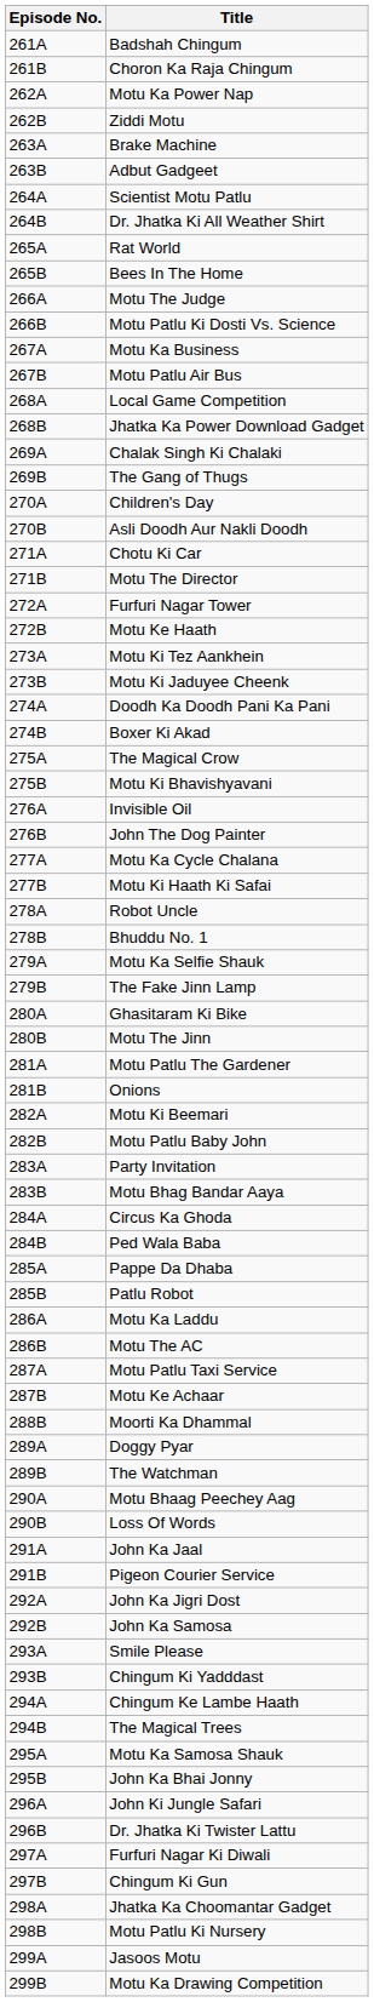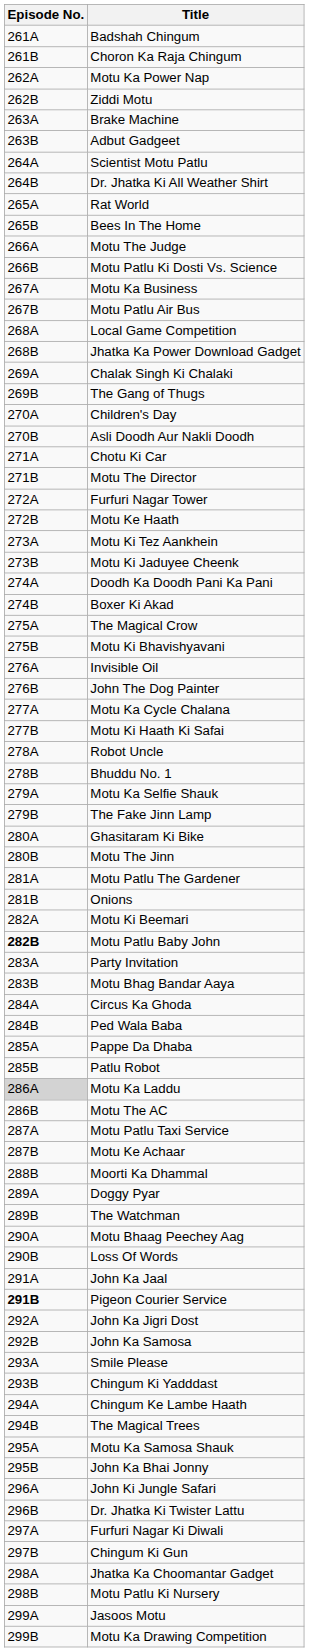 <table class="wikitable">
 <tr>
 <th>Episode No.</th>
 <th>Title</th>
 </tr>
 <tr>
 <td>261A</td>
 <td>Badshah Chingum</td>
 </tr>
 <tr>
 <td>261B</td>
 <td>Choron Ka Raja Chingum</td>
 </tr>
 <tr>
 <td>262A</td>
 <td>Motu Ka Power Nap</td>
 </tr>
 <tr>
 <td>262B</td>
 <td>Ziddi Motu</td>
 </tr>
 <tr>
 <td>263A</td>
 <td>Brake Machine</td>
 </tr>
 <tr>
 <td>263B</td>
 <td>Adbut Gadgeet</td>
 </tr>
 <tr>
 <td>264A</td>
 <td>Scientist Motu Patlu</td>
 </tr>
 <tr>
 <td>264B</td>
 <td>Dr. Jhatka Ki All Weather Shirt</td>
 </tr>
 <tr>
 <td>265A</td>
 <td>Rat World</td>
 </tr>
 <tr>
 <td>265B</td>
 <td>Bees In The Home</td>
 </tr>
 <tr>
 <td>266A</td>
 <td>Motu The Judge</td>
 </tr>
 <tr>
 <td>266B</td>
 <td>Motu Patlu Ki Dosti Vs. Science</td>
 </tr>
 <tr>
 <td>267A</td>
 <td>Motu Ka Business</td>
 </tr>
 <tr>
 <td>267B</td>
 <td>Motu Patlu Air Bus</td>
 </tr>
 <tr>
 <td>268A</td>
 <td>Local Game Competition</td>
 </tr>
 <tr>
 <td>268B</td>
 <td>Jhatka Ka Power Download Gadget</td>
 </tr>
 <tr>
 <td>269A</td>
 <td>Chalak Singh Ki Chalaki</td>
 </tr>
 <tr>
 <td>269B</td>
 <td>The Gang of Thugs</td>
 </tr>
 <tr>
 <td>270A</td>
 <td>Children's Day</td>
 </tr>
 <tr>
 <td>270B</td>
 <td>Asli Doodh Aur Nakli Doodh</td>
 </tr>
 <tr>
 <td>271A</td>
 <td>Chotu Ki Car</td>
 </tr>
 <tr>
 <td>271B</td>
 <td>Motu The Director</td>
 </tr>
 <tr>
 <td>272A</td>
 <td>Furfuri Nagar Tower</td>
 </tr>
 <tr>
 <td>272B</td>
 <td>Motu Ke Haath</td>
 </tr>
 <tr>
 <td>273A</td>
 <td>Motu Ki Tez Aankhein</td>
 </tr>
 <tr>
 <td>273B</td>
 <td>Motu Ki Jaduyee Cheenk</td>
 </tr>
 <tr>
 <td>274A</td>
 <td>Doodh Ka Doodh Pani Ka Pani</td>
 </tr>
 <tr>
 <td>274B</td>
 <td>Boxer Ki Akad</td>
 </tr>
 <tr>
 <td>275A</td>
 <td>The Magical Crow</td>
 </tr>
 <tr>
 <td>275B</td>
 <td>Motu Ki Bhavishyavani</td>
 </tr>
 <tr>
 <td>276A</td>
 <td>Invisible Oil</td>
 </tr>
 <tr>
 <td>276B</td>
 <td>John The Dog Painter</td>
 </tr>
 <tr>
 <td>277A</td>
 <td>Motu Ka Cycle Chalana</td>
 </tr>
 <tr>
 <td>277B</td>
 <td>Motu Ki Haath Ki Safai</td>
 </tr>
 <tr>
 <td>278A</td>
 <td>Robot Uncle</td>
 </tr>
 <tr>
 <td>278B</td>
 <td>Bhuddu No. 1</td>
 </tr>
 <tr>
 <td>279A</td>
 <td>Motu Ka Selfie Shauk</td>
 </tr>
 <tr>
 <td>279B</td>
 <td>The Fake Jinn Lamp</td>
 </tr>
 <tr>
 <td>280A</td>
 <td>Ghasitaram Ki Bike</td>
 </tr>
 <tr>
 <td>280B</td>
 <td>Motu The Jinn</td>
 </tr>
 <tr>
 <td>281A</td>
 <td>Motu Patlu The Gardener</td>
 </tr>
 <tr>
 <td>281B</td>
 <td>Onions</td>
 </tr>
 <tr>
 <td>282A</td>
 <td>Motu Ki Beemari</td>
 </tr>
 <tr>
-<td>282B</td>
+<td><strong>282B</strong></td>
 <td>Motu Patlu Baby John</td>
 </tr>
 <tr>
 <td>283A</td>
 <td>Party Invitation</td>
 </tr>
 <tr>
 <td>283B</td>
 <td>Motu Bhag Bandar Aaya</td>
 </tr>
 <tr>
 <td>284A</td>
 <td>Circus Ka Ghoda</td>
 </tr>
 <tr>
 <td>284B</td>
 <td>Ped Wala Baba</td>
 </tr>
 <tr>
 <td>285A</td>
 <td>Pappe Da Dhaba</td>
 </tr>
 <tr>
 <td>285B</td>
 <td>Patlu Robot</td>
 </tr>
 <tr>
-<td>286A</td>
+<td style="background: lightgrey;">286A</td>
 <td>Motu Ka Laddu</td>
 </tr>
 <tr>
 <td>286B</td>
 <td>Motu The AC</td>
 </tr>
 <tr>
 <td>287A</td>
 <td>Motu Patlu Taxi Service</td>
 </tr>
 <tr>
 <td>287B</td>
 <td>Motu Ke Achaar</td>
 </tr>
 <tr>
 <td>288B</td>
 <td>Moorti Ka Dhammal</td>
 </tr>
 <tr>
 <td>289A</td>
 <td>Doggy Pyar</td>
 </tr>
 <tr>
 <td>289B</td>
 <td>The Watchman</td>
 </tr>
 <tr>
 <td>290A</td>
 <td>Motu Bhaag Peechey Aag</td>
 </tr>
 <tr>
 <td>290B</td>
 <td>Loss Of Words</td>
 </tr>
 <tr>
 <td>291A</td>
 <td>John Ka Jaal</td>
 </tr>
 <tr>
-<td>291B</td>
+<td><strong>291B</strong></td>
 <td>Pigeon Courier Service</td>
 </tr>
 <tr>
 <td>292A</td>
 <td>John Ka Jigri Dost</td>
 </tr>
 <tr>
 <td>292B</td>
 <td>John Ka Samosa</td>
 </tr>
 <tr>
 <td>293A</td>
 <td>Smile Please</td>
 </tr>
 <tr>
 <td>293B</td>
 <td>Chingum Ki Yadddast</td>
 </tr>
 <tr>
 <td>294A</td>
 <td>Chingum Ke Lambe Haath</td>
 </tr>
 <tr>
 <td>294B</td>
 <td>The Magical Trees</td>
 </tr>
 <tr>
 <td>295A</td>
 <td>Motu Ka Samosa Shauk</td>
 </tr>
 <tr>
 <td>295B</td>
 <td>John Ka Bhai Jonny</td>
 </tr>
 <tr>
 <td>296A</td>
 <td>John Ki Jungle Safari</td>
 </tr>
 <tr>
 <td>296B</td>
 <td>Dr. Jhatka Ki Twister Lattu</td>
 </tr>
 <tr>
 <td>297A</td>
 <td>Furfuri Nagar Ki Diwali</td>
 </tr>
 <tr>
 <td>297B</td>
 <td>Chingum Ki Gun</td>
 </tr>
 <tr>
 <td>298A</td>
 <td>Jhatka Ka Choomantar Gadget</td>
 </tr>
 <tr>
 <td>298B</td>
 <td>Motu Patlu Ki Nursery</td>
 </tr>
 <tr>
 <td>299A</td>
 <td>Jasoos Motu</td>
 </tr>
 <tr>
 <td>299B</td>
 <td>Motu Ka Drawing Competition</td>
 </tr>
 </table>
